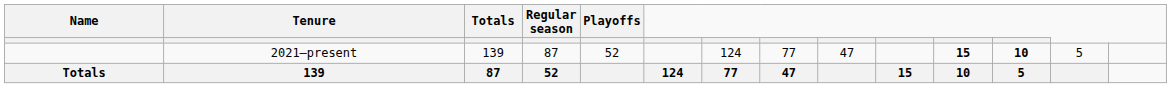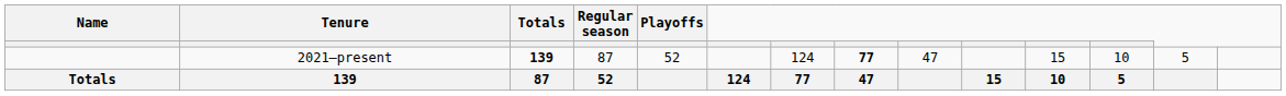 <table class="wikitable sortable" style="clear:both; margin:1.5em auto; text-align:center;">
 <tr>
 <th>Name</th>
 <th>Tenure</th>
 <th>Totals</th>
 <th>Regular season</th>
 <th>Playoffs</th>
 </tr>
 <tr>
 <th></th>
 <th></th>
 <th></th>
 <th></th>
 <th></th>
 <th></th>
 <th></th>
 <th></th>
 <th></th>
 <th></th>
 <th></th>
 <th></th>
 </tr>
 <tr>
 <td> </td>
 <td>2021–present</td>
-<td style="width:5%;">139</td>
+<td style="width:5%;"><strong>139</strong></td>
 <td style="width:5%;">87</td>
 <td style="width:5%;">52</td>
 <td style="width:5%;"></td>
 <td style="width:5%;">124</td>
-<td style="width:5%;">77</td>
+<td style="width:5%;"><strong>77</strong></td>
 <td style="width:5%;">47</td>
 <td style="width:5%;"></td>
-<td style="width:5%;"><strong>15</strong></td>
-<td style="width:5%;"><strong>10</strong></td>
+<td style="width:5%;">15</td>
+<td style="width:5%;">10</td>
 <td style="width:5%;">5</td>
 <td style="width:5%;"></td>
 </tr>
 <tr>
 <th>Totals</th>
 <th>139</th>
 <th>87</th>
 <th>52</th>
 <th></th>
 <th>124</th>
 <th>77</th>
 <th>47</th>
 <th></th>
 <th>15</th>
 <th>10</th>
 <th>5</th>
 <th></th>
 </tr>
 </table>
